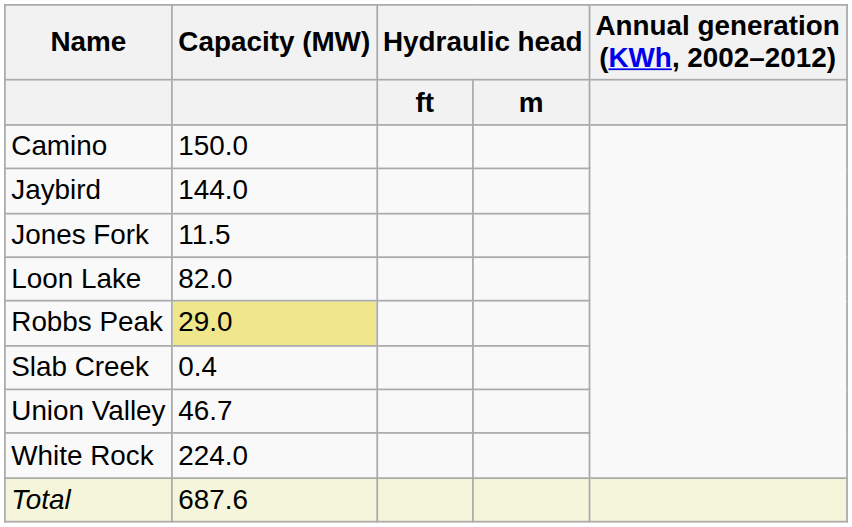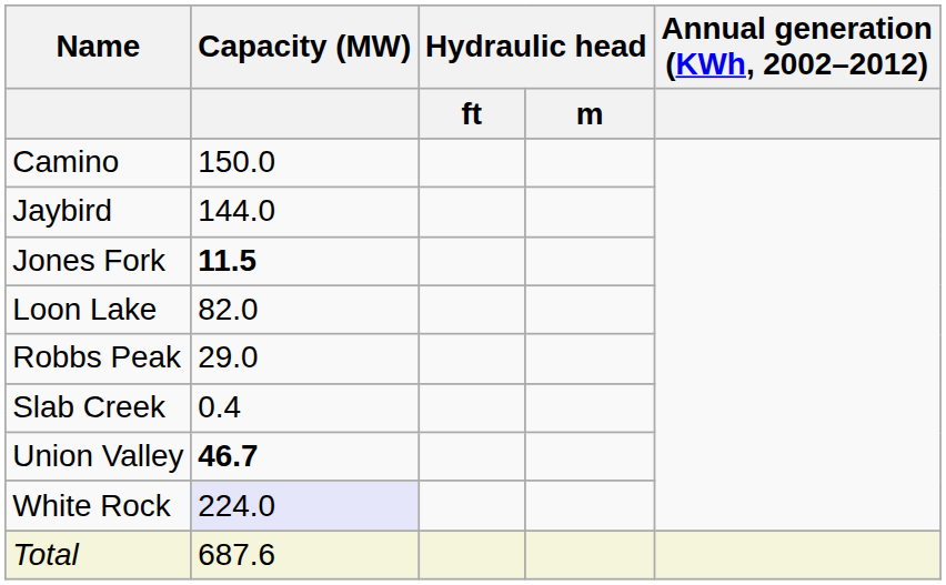 <table class="wikitable sortable" border = "1">
 <tr>
 <th>Name</th>
 <th>Capacity (MW)</th>
 <th colspan=2>Hydraulic head</th>
 <th>Annual generation<br>(<a href='#'>KWh</a>, 2002–2012)</th>
 </tr>
 <tr>
 <th></th>
 <th></th>
 <th>ft</th>
 <th>m</th>
 <th></th>
 </tr>
 <tr>
 <td>Camino</td>
 <td>150.0</td>
 <td></td>
 <td></td>
 </tr>
 <tr>
 <td>Jaybird</td>
 <td>144.0</td>
 <td></td>
 <td></td>
 </tr>
 <tr>
 <td>Jones Fork</td>
-<td>11.5</td>
+<td><strong>11.5</strong></td>
 <td></td>
 <td></td>
 </tr>
 <tr>
 <td>Loon Lake</td>
 <td>82.0</td>
 <td></td>
 <td></td>
 </tr>
 <tr>
 <td>Robbs Peak</td>
-<td style="background: khaki;">29.0</td>
+<td>29.0</td>
 <td></td>
 <td></td>
 </tr>
 <tr>
 <td>Slab Creek</td>
 <td>0.4</td>
 <td></td>
 <td></td>
 </tr>
 <tr>
 <td>Union Valley</td>
-<td>46.7</td>
+<td><strong>46.7</strong></td>
 <td></td>
 <td></td>
 </tr>
 <tr>
 <td>White Rock</td>
-<td>224.0</td>
+<td style="background: lavender;">224.0</td>
 <td></td>
 <td></td>
 </tr>
 <tr>
 <td bgcolor="#F5F5DC"><em>Total</em></td>
 <td bgcolor="#F5F5DC">687.6</td>
 <td bgcolor="#F5F5DC"></td>
 <td bgcolor="#F5F5DC"></td>
 <td bgcolor="#F5F5DC"></td>
 </tr>
 </table>
